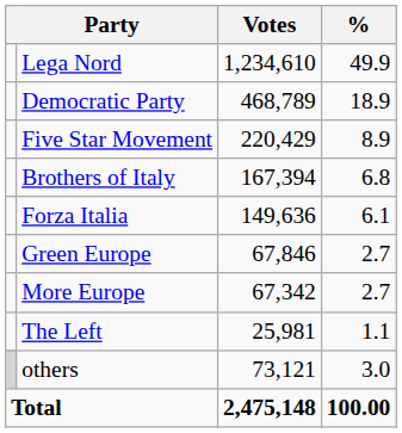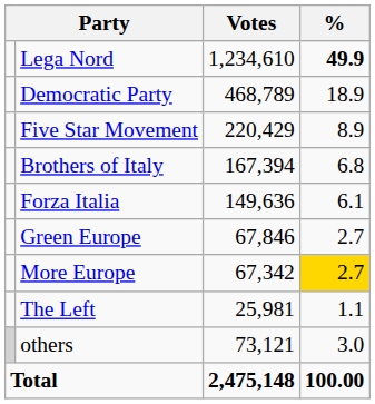 <table class="wikitable" style="font-size:95%">
 <tr>
 <th colspan=2>Party</th>
 <th>Votes</th>
 <th>%</th>
 </tr>
 <tr>
 <td></td>
 <td><a href='#'>Lega Nord</a></td>
 <td align=right>1,234,610</td>
-<td align=right>49.9</td>
+<td align=right><strong>49.9</strong></td>
 </tr>
 <tr>
 <td></td>
 <td><a href='#'>Democratic Party</a></td>
 <td align=right>468,789</td>
 <td align=right>18.9</td>
 </tr>
 <tr>
 <td></td>
 <td><a href='#'>Five Star Movement</a></td>
 <td align=right>220,429</td>
 <td align=right>8.9</td>
 </tr>
 <tr>
 <td></td>
 <td><a href='#'>Brothers of Italy</a></td>
 <td align=right>167,394</td>
 <td align=right>6.8</td>
 </tr>
 <tr>
 <td></td>
 <td><a href='#'>Forza Italia</a></td>
 <td align=right>149,636</td>
 <td align=right>6.1</td>
 </tr>
 <tr>
 <td></td>
 <td><a href='#'>Green Europe</a></td>
 <td align=right>67,846</td>
 <td align=right>2.7</td>
 </tr>
 <tr>
 <td></td>
 <td><a href='#'>More Europe</a></td>
 <td align=right>67,342</td>
-<td align=right>2.7</td>
+<td align=right style="background: gold;">2.7</td>
 </tr>
 <tr>
 <td></td>
 <td><a href='#'>The Left</a></td>
 <td align=right>25,981</td>
 <td align=right>1.1</td>
 </tr>
 <tr>
 <td style="background-color: lightgrey"></td>
 <td>others</td>
 <td align=right>73,121</td>
 <td align=right>3.0</td>
 </tr>
 <tr>
 <td colspan=2><strong>Total</strong></td>
 <td align=right><strong>2,475,148</strong></td>
 <td align=right><strong>100.00</strong></td>
 </tr>
 </table>
